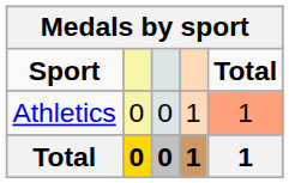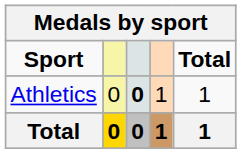 <table class="wikitable" style="font-size:85%; float:right;">
 <tr style="background:#efefef;">
 <th colspan=7><strong>Medals by sport</strong></th>
 </tr>
 <tr align=center>
 <td><strong>Sport</strong></td>
 <td style="background:#f7f6a8;"></td>
 <td style="background:#dce5e5;"></td>
 <td style="background:#ffdab9;"></td>
 <td><strong>Total</strong></td>
 </tr>
 <tr align=center>
 <td><a href='#'>Athletics</a></td>
 <td style="background:#f7f6a8;">0</td>
-<td style="background:#dce5e5;">0</td>
+<td style="background:#dce5e5;"><strong>0</strong></td>
 <td style="background:#ffdab9;">1</td>
-<td style="background: lightsalmon;">1</td>
+<td>1</td>
 </tr>
 <tr align=center>
 <th><strong>Total</strong></th>
 <th style="background:gold;"><strong>0</strong></th>
 <th style="background:silver;"><strong>0</strong></th>
 <th style="background:#c96;"><strong>1</strong></th>
 <th><strong>1</strong></th>
 </tr>
 </table>
